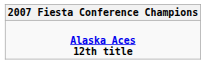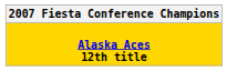 <table class=wikitable style="text-align:center; margin:auto">
 <tr>
 <th>2007 Fiesta Conference Champions</th>
 </tr>
 <tr>
-<td><br> <strong><a href='#'>Alaska Aces</a></strong> <br> <strong>12th title</strong></td>
+<td style="background: gold;"><br> <strong><a href='#'>Alaska Aces</a></strong> <br> <strong>12th title</strong></td>
 </tr>
 </table>
